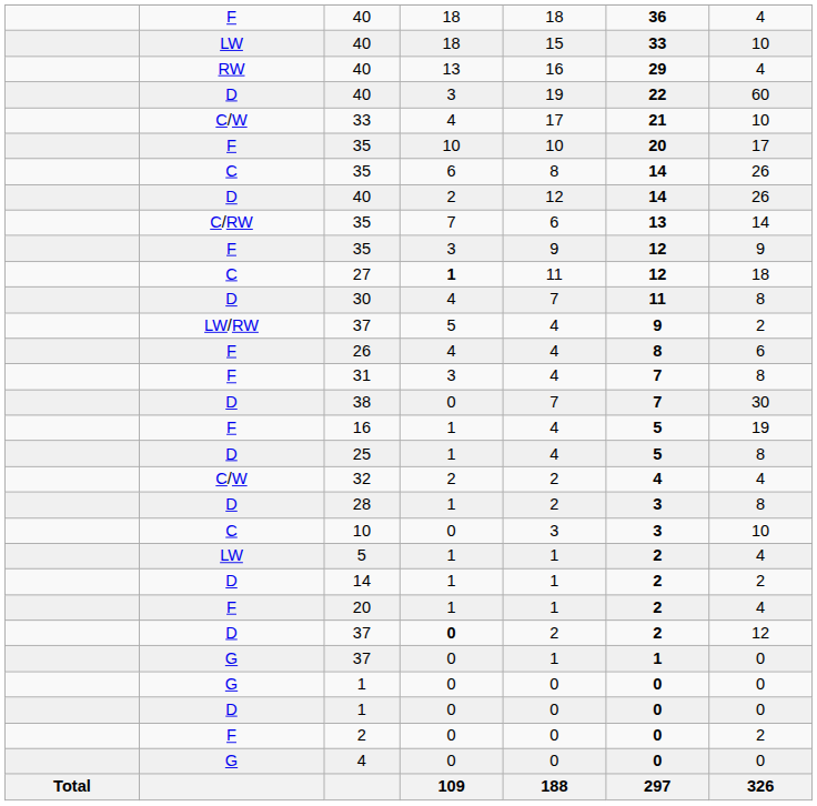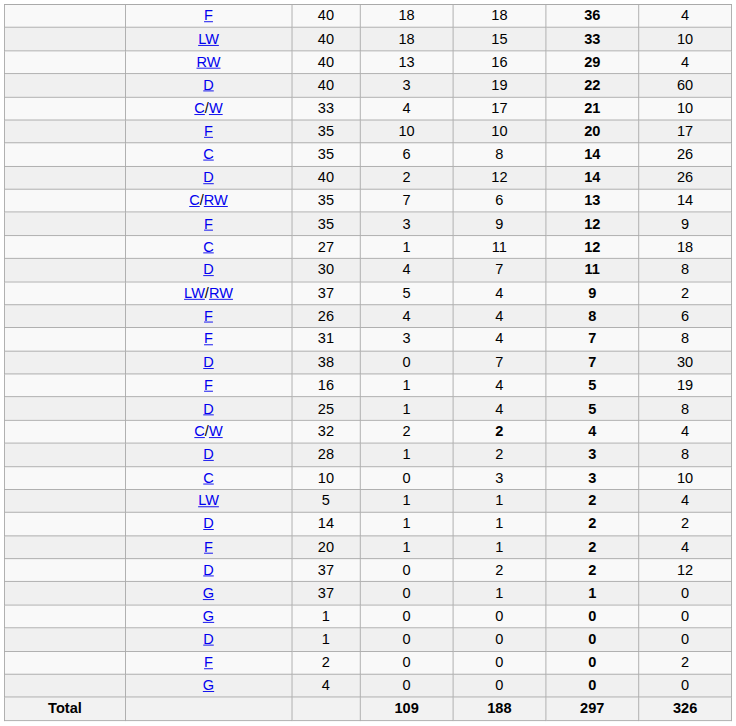 <table class="wikitable sortable" width =800>
 <tr align="center">
 </tr>
 <tr align="center" bgcolor="">
 <td></td>
 <td><a href='#'>F</a></td>
 <td>40</td>
 <td>18</td>
 <td>18</td>
 <td><strong>36</strong></td>
 <td>4</td>
 </tr>
 <tr align="center" bgcolor="f0f0f0">
 <td></td>
 <td><a href='#'>LW</a></td>
 <td>40</td>
 <td>18</td>
 <td>15</td>
 <td><strong>33</strong></td>
 <td>10</td>
 </tr>
 <tr align="center" bgcolor="">
 <td></td>
 <td><a href='#'>RW</a></td>
 <td>40</td>
 <td>13</td>
 <td>16</td>
 <td><strong>29</strong></td>
 <td>4</td>
 </tr>
 <tr align="center" bgcolor="f0f0f0">
 <td></td>
 <td><a href='#'>D</a></td>
 <td>40</td>
 <td>3</td>
 <td>19</td>
 <td><strong>22</strong></td>
 <td>60</td>
 </tr>
 <tr align="center" bgcolor="">
 <td></td>
 <td><a href='#'>C</a>/<a href='#'>W</a></td>
 <td>33</td>
 <td>4</td>
 <td>17</td>
 <td><strong>21</strong></td>
 <td>10</td>
 </tr>
 <tr align="center" bgcolor="f0f0f0">
 <td></td>
 <td><a href='#'>F</a></td>
 <td>35</td>
 <td>10</td>
 <td>10</td>
 <td><strong>20</strong></td>
 <td>17</td>
 </tr>
 <tr align="center" bgcolor="">
 <td></td>
 <td><a href='#'>C</a></td>
 <td>35</td>
 <td>6</td>
 <td>8</td>
 <td><strong>14</strong></td>
 <td>26</td>
 </tr>
 <tr align="center" bgcolor="f0f0f0">
 <td></td>
 <td><a href='#'>D</a></td>
 <td>40</td>
 <td>2</td>
 <td>12</td>
 <td><strong>14</strong></td>
 <td>26</td>
 </tr>
 <tr align="center" bgcolor="">
 <td></td>
 <td><a href='#'>C</a>/<a href='#'>RW</a></td>
 <td>35</td>
 <td>7</td>
 <td>6</td>
 <td><strong>13</strong></td>
 <td>14</td>
 </tr>
 <tr align="center" bgcolor="f0f0f0">
 <td></td>
 <td><a href='#'>F</a></td>
 <td>35</td>
 <td>3</td>
 <td>9</td>
 <td><strong>12</strong></td>
 <td>9</td>
 </tr>
 <tr align="center" bgcolor="">
 <td></td>
 <td><a href='#'>C</a></td>
 <td>27</td>
-<td><strong>1</strong></td>
+<td>1</td>
 <td>11</td>
 <td><strong>12</strong></td>
 <td>18</td>
 </tr>
 <tr align="center" bgcolor="f0f0f0">
 <td></td>
 <td><a href='#'>D</a></td>
 <td>30</td>
 <td>4</td>
 <td>7</td>
 <td><strong>11</strong></td>
 <td>8</td>
 </tr>
 <tr align="center" bgcolor="">
 <td></td>
 <td><a href='#'>LW</a>/<a href='#'>RW</a></td>
 <td>37</td>
 <td>5</td>
 <td>4</td>
 <td><strong>9</strong></td>
 <td>2</td>
 </tr>
 <tr align="center" bgcolor="f0f0f0">
 <td></td>
 <td><a href='#'>F</a></td>
 <td>26</td>
 <td>4</td>
 <td>4</td>
 <td><strong>8</strong></td>
 <td>6</td>
 </tr>
 <tr align="center" bgcolor="">
 <td></td>
 <td><a href='#'>F</a></td>
 <td>31</td>
 <td>3</td>
 <td>4</td>
 <td><strong>7</strong></td>
 <td>8</td>
 </tr>
 <tr align="center" bgcolor="f0f0f0">
 <td></td>
 <td><a href='#'>D</a></td>
 <td>38</td>
 <td>0</td>
 <td>7</td>
 <td><strong>7</strong></td>
 <td>30</td>
 </tr>
 <tr align="center" bgcolor="">
 <td></td>
 <td><a href='#'>F</a></td>
 <td>16</td>
 <td>1</td>
 <td>4</td>
 <td><strong>5</strong></td>
 <td>19</td>
 </tr>
 <tr align="center" bgcolor="f0f0f0">
 <td></td>
 <td><a href='#'>D</a></td>
 <td>25</td>
 <td>1</td>
 <td>4</td>
 <td><strong>5</strong></td>
 <td>8</td>
 </tr>
 <tr align="center" bgcolor="">
 <td></td>
 <td><a href='#'>C</a>/<a href='#'>W</a></td>
 <td>32</td>
 <td>2</td>
-<td>2</td>
+<td><strong>2</strong></td>
 <td><strong>4</strong></td>
 <td>4</td>
 </tr>
 <tr align="center" bgcolor="f0f0f0">
 <td></td>
 <td><a href='#'>D</a></td>
 <td>28</td>
 <td>1</td>
 <td>2</td>
 <td><strong>3</strong></td>
 <td>8</td>
 </tr>
 <tr align="center" bgcolor="">
 <td></td>
 <td><a href='#'>C</a></td>
 <td>10</td>
 <td>0</td>
 <td>3</td>
 <td><strong>3</strong></td>
 <td>10</td>
 </tr>
 <tr align="center" bgcolor="f0f0f0">
 <td></td>
 <td><a href='#'>LW</a></td>
 <td>5</td>
 <td>1</td>
 <td>1</td>
 <td><strong>2</strong></td>
 <td>4</td>
 </tr>
 <tr align="center" bgcolor="">
 <td></td>
 <td><a href='#'>D</a></td>
 <td>14</td>
 <td>1</td>
 <td>1</td>
 <td><strong>2</strong></td>
 <td>2</td>
 </tr>
 <tr align="center" bgcolor="f0f0f0">
 <td></td>
 <td><a href='#'>F</a></td>
 <td>20</td>
 <td>1</td>
 <td>1</td>
 <td><strong>2</strong></td>
 <td>4</td>
 </tr>
 <tr align="center" bgcolor="">
 <td></td>
 <td><a href='#'>D</a></td>
 <td>37</td>
-<td><strong>0</strong></td>
+<td>0</td>
 <td>2</td>
 <td><strong>2</strong></td>
 <td>12</td>
 </tr>
 <tr align="center" bgcolor="f0f0f0">
 <td></td>
 <td><a href='#'>G</a></td>
 <td>37</td>
 <td>0</td>
 <td>1</td>
 <td><strong>1</strong></td>
 <td>0</td>
 </tr>
 <tr align="center" bgcolor="">
 <td></td>
 <td><a href='#'>G</a></td>
 <td>1</td>
 <td>0</td>
 <td>0</td>
 <td><strong>0</strong></td>
 <td>0</td>
 </tr>
 <tr align="center" bgcolor="f0f0f0">
 <td></td>
 <td><a href='#'>D</a></td>
 <td>1</td>
 <td>0</td>
 <td>0</td>
 <td><strong>0</strong></td>
 <td>0</td>
 </tr>
 <tr align="center" bgcolor="">
 <td></td>
 <td><a href='#'>F</a></td>
 <td>2</td>
 <td>0</td>
 <td>0</td>
 <td><strong>0</strong></td>
 <td>2</td>
 </tr>
 <tr align="center" bgcolor="f0f0f0">
 <td></td>
 <td><a href='#'>G</a></td>
 <td>4</td>
 <td>0</td>
 <td>0</td>
 <td><strong>0</strong></td>
 <td>0</td>
 </tr>
 <tr>
 <th>Total</th>
 <th></th>
 <th></th>
 <th>109</th>
 <th>188</th>
 <th>297</th>
 <th>326</th>
 </tr>
 </table>
